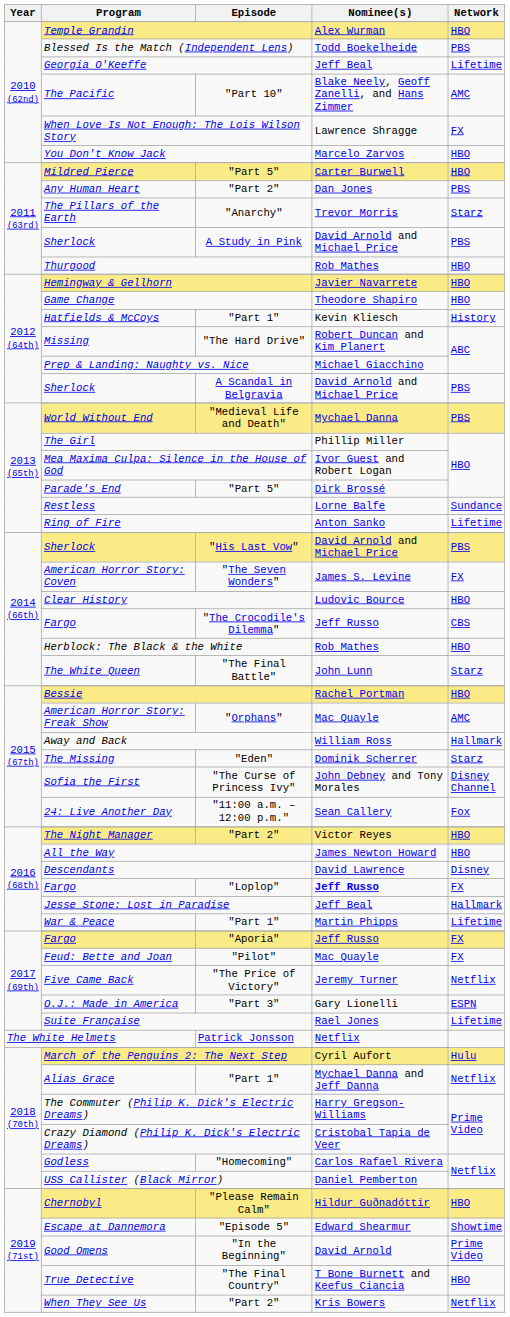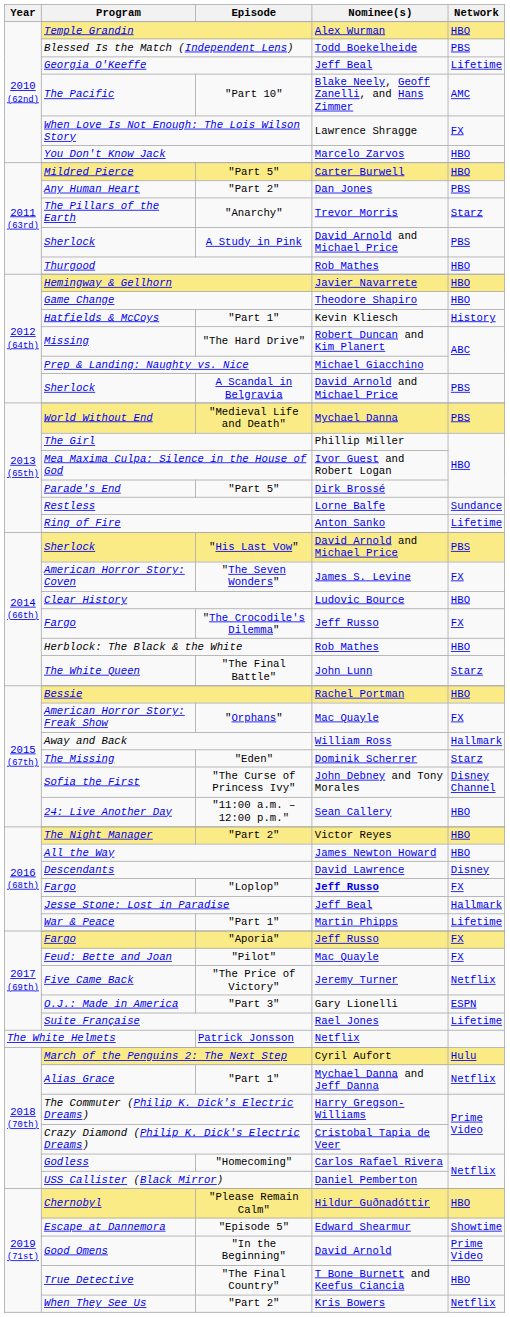 <table class="wikitable">
 <tr>
 <th width="5%">Year</th>
 <th width="35%">Program</th>
 <th width="25%">Episode</th>
 <th width="30%">Nominee(s)</th>
 <th width="5%">Network</th>
 </tr>
 <tr>
 <td rowspan="7" style="text-align:center;"><a href='#'>2010</a><br><small><a href='#'>(62nd)</a></small><br></td>
 </tr>
 <tr style="background:#FAEB86">
 <td colspan=2><em><a href='#'>Temple Grandin</a></em></td>
 <td><a href='#'>Alex Wurman</a></td>
 <td><a href='#'>HBO</a></td>
 </tr>
 <tr>
 <td colspan=2><em>Blessed Is the Match (<a href='#'>Independent Lens</a>)</em></td>
 <td><a href='#'>Todd Boekelheide</a></td>
 <td><a href='#'>PBS</a></td>
 </tr>
 <tr>
 <td colspan=2><em><a href='#'>Georgia O'Keeffe</a></em></td>
 <td><a href='#'>Jeff Beal</a></td>
 <td><a href='#'>Lifetime</a></td>
 </tr>
 <tr>
 <td><em><a href='#'>The Pacific</a></em></td>
 <td align=center>"Part 10"</td>
 <td><a href='#'>Blake Neely</a>, <a href='#'>Geoff Zanelli</a>, and <a href='#'>Hans Zimmer</a></td>
 <td><a href='#'>AMC</a></td>
 </tr>
 <tr>
 <td colspan=2><em><a href='#'>When Love Is Not Enough: The Lois Wilson Story</a></em></td>
 <td>Lawrence Shragge</td>
 <td><a href='#'>FX</a></td>
 </tr>
 <tr>
 <td colspan=2><em><a href='#'>You Don't Know Jack</a></em></td>
 <td><a href='#'>Marcelo Zarvos</a></td>
 <td><a href='#'>HBO</a></td>
 </tr>
 <tr>
 <td rowspan="6" style="text-align:center;"><a href='#'>2011</a><br><small><a href='#'>(63rd)</a></small><br></td>
 </tr>
 <tr style="background:#FAEB86">
 <td><em><a href='#'>Mildred Pierce</a></em></td>
 <td align=center>"Part 5"</td>
 <td><a href='#'>Carter Burwell</a></td>
 <td><a href='#'>HBO</a></td>
 </tr>
 <tr>
 <td><em><a href='#'>Any Human Heart</a></em></td>
 <td align=center>"Part 2"</td>
 <td><a href='#'>Dan Jones</a></td>
 <td><a href='#'>PBS</a></td>
 </tr>
 <tr>
 <td><em><a href='#'>The Pillars of the Earth</a></em></td>
 <td align=center>"Anarchy"</td>
 <td><a href='#'>Trevor Morris</a></td>
 <td><a href='#'>Starz</a></td>
 </tr>
 <tr>
 <td><em><a href='#'>Sherlock</a></em></td>
 <td align=center><a href='#'>A Study in Pink</a></td>
 <td><a href='#'>David Arnold</a> and <a href='#'>Michael Price</a></td>
 <td><a href='#'>PBS</a></td>
 </tr>
 <tr>
 <td colspan=2><em><a href='#'>Thurgood</a></em></td>
 <td><a href='#'>Rob Mathes</a></td>
 <td><a href='#'>HBO</a></td>
 </tr>
 <tr>
 <td rowspan="7" style="text-align:center;"><a href='#'>2012</a><br><small><a href='#'>(64th)</a></small><br></td>
 </tr>
 <tr style="background:#FAEB86">
 <td colspan=2><em><a href='#'>Hemingway & Gellhorn</a></em></td>
 <td><a href='#'>Javier Navarrete</a></td>
 <td><a href='#'>HBO</a></td>
 </tr>
 <tr>
 <td colspan=2><em><a href='#'>Game Change</a></em></td>
 <td><a href='#'>Theodore Shapiro</a></td>
 <td><a href='#'>HBO</a></td>
 </tr>
 <tr>
 <td><em><a href='#'>Hatfields & McCoys</a></em></td>
 <td align=center>"Part 1"</td>
 <td>Kevin Kliesch</td>
 <td><a href='#'>History</a></td>
 </tr>
 <tr>
 <td><em><a href='#'>Missing</a></em></td>
 <td align=center>"The Hard Drive"</td>
 <td><a href='#'>Robert Duncan</a> and <a href='#'>Kim Planert</a></td>
 <td rowspan=2><a href='#'>ABC</a></td>
 </tr>
 <tr>
 <td colspan=2><em><a href='#'>Prep & Landing: Naughty vs. Nice</a></em></td>
 <td><a href='#'>Michael Giacchino</a></td>
 </tr>
 <tr>
 <td><em><a href='#'>Sherlock</a></em></td>
 <td align=center><a href='#'>A Scandal in Belgravia</a></td>
 <td><a href='#'>David Arnold</a> and <a href='#'>Michael Price</a></td>
 <td><a href='#'>PBS</a></td>
 </tr>
 <tr>
 <td rowspan="7" style="text-align:center;"><a href='#'>2013</a><br><small><a href='#'>(65th)</a></small><br></td>
 </tr>
 <tr style="background:#FAEB86">
 <td><em><a href='#'>World Without End</a></em></td>
 <td align=center>"Medieval Life and Death"</td>
 <td><a href='#'>Mychael Danna</a></td>
 <td><a href='#'>PBS</a></td>
 </tr>
 <tr>
 <td colspan=2><em><a href='#'>The Girl</a></em></td>
 <td>Phillip Miller</td>
 <td rowspan=3><a href='#'>HBO</a></td>
 </tr>
 <tr>
 <td colspan=2><em><a href='#'>Mea Maxima Culpa: Silence in the House of God</a></em></td>
 <td><a href='#'>Ivor Guest</a> and Robert Logan</td>
 </tr>
 <tr>
 <td><em><a href='#'>Parade's End</a></em></td>
 <td align=center>"Part 5"</td>
 <td><a href='#'>Dirk Brossé</a></td>
 </tr>
 <tr>
 <td colspan=2><em><a href='#'>Restless</a></em></td>
 <td><a href='#'>Lorne Balfe</a></td>
 <td><a href='#'>Sundance</a></td>
 </tr>
 <tr>
 <td colspan=2><em><a href='#'>Ring of Fire</a></em></td>
 <td><a href='#'>Anton Sanko</a></td>
 <td><a href='#'>Lifetime</a></td>
 </tr>
 <tr>
 <td rowspan="7" style="text-align:center;"><a href='#'>2014</a><br><small><a href='#'>(66th)</a></small><br></td>
 </tr>
 <tr style="background:#FAEB86">
 <td><em><a href='#'>Sherlock</a></em></td>
 <td align=center>"<a href='#'>His Last Vow</a>"</td>
 <td><a href='#'>David Arnold</a> and <a href='#'>Michael Price</a></td>
 <td><a href='#'>PBS</a></td>
 </tr>
 <tr>
 <td><em><a href='#'>American Horror Story: Coven</a></em></td>
 <td align=center>"<a href='#'>The Seven Wonders</a>"</td>
 <td><a href='#'>James S. Levine</a></td>
 <td><a href='#'>FX</a></td>
 </tr>
 <tr>
 <td colspan=2><em><a href='#'>Clear History</a></em></td>
 <td><a href='#'>Ludovic Bource</a></td>
 <td><a href='#'>HBO</a></td>
 </tr>
 <tr>
 <td><em><a href='#'>Fargo</a></em></td>
 <td align=center>"<a href='#'>The Crocodile's Dilemma</a>"</td>
 <td><a href='#'>Jeff Russo</a></td>
-<td><a href='#'>CBS</a></td>
+<td><a href='#'>FX</a></td>
 </tr>
 <tr>
 <td colspan=2><em>Herblock: The Black & the White</em></td>
 <td><a href='#'>Rob Mathes</a></td>
 <td><a href='#'>HBO</a></td>
 </tr>
 <tr>
 <td><em><a href='#'>The White Queen</a></em></td>
 <td align=center>"The Final Battle"</td>
 <td><a href='#'>John Lunn</a></td>
 <td><a href='#'>Starz</a></td>
 </tr>
 <tr>
 <td rowspan="7" style="text-align:center;"><a href='#'>2015</a><br><small><a href='#'>(67th)</a></small><br></td>
 </tr>
 <tr style="background:#FAEB86">
 <td colspan=2><em><a href='#'>Bessie</a></em></td>
 <td><a href='#'>Rachel Portman</a></td>
 <td><a href='#'>HBO</a></td>
 </tr>
 <tr>
 <td><em><a href='#'>American Horror Story: Freak Show</a></em></td>
 <td align=center>"<a href='#'>Orphans</a>"</td>
 <td><a href='#'>Mac Quayle</a></td>
-<td><a href='#'>AMC</a></td>
+<td><a href='#'>FX</a></td>
 </tr>
 <tr>
 <td colspan=2><em>Away and Back</em></td>
 <td><a href='#'>William Ross</a></td>
 <td><a href='#'>Hallmark</a></td>
 </tr>
 <tr>
 <td><em><a href='#'>The Missing</a></em></td>
 <td align=center>"Eden"</td>
 <td><a href='#'>Dominik Scherrer</a></td>
 <td><a href='#'>Starz</a></td>
 </tr>
 <tr>
 <td><em><a href='#'>Sofia the First</a></em></td>
 <td align=center>"The Curse of Princess Ivy"</td>
 <td><a href='#'>John Debney</a> and Tony Morales</td>
 <td><a href='#'>Disney Channel</a></td>
 </tr>
 <tr>
 <td><em><a href='#'>24: Live Another Day</a></em></td>
 <td align=center>"11:00 a.m. – 12:00 p.m."</td>
 <td><a href='#'>Sean Callery</a></td>
-<td><a href='#'>Fox</a></td>
+<td><a href='#'>HBO</a></td>
 </tr>
 <tr>
 <td rowspan="7" style="text-align:center;"><a href='#'>2016</a><br><small><a href='#'>(68th)</a></small><br></td>
 </tr>
 <tr style="background:#FAEB86">
 <td><em><a href='#'>The Night Manager</a></em></td>
 <td align=center>"Part 2"</td>
 <td>Victor Reyes</td>
 <td><a href='#'>HBO</a></td>
 </tr>
 <tr>
 <td colspan=2><em><a href='#'>All the Way</a></em></td>
 <td><a href='#'>James Newton Howard</a></td>
 <td><a href='#'>HBO</a></td>
 </tr>
 <tr>
 <td colspan=2><em><a href='#'>Descendants</a></em></td>
 <td><a href='#'>David Lawrence</a></td>
 <td><a href='#'>Disney</a></td>
 </tr>
 <tr>
 <td><em><a href='#'>Fargo</a></em></td>
 <td align=center>"Loplop"</td>
 <td><strong><a href='#'>Jeff Russo</a></strong></td>
 <td><a href='#'>FX</a></td>
 </tr>
 <tr>
 <td colspan=2><em><a href='#'>Jesse Stone: Lost in Paradise</a></em></td>
 <td><a href='#'>Jeff Beal</a></td>
 <td><a href='#'>Hallmark</a></td>
 </tr>
 <tr>
 <td><em><a href='#'>War & Peace</a></em></td>
 <td align=center>"Part 1"</td>
 <td><a href='#'>Martin Phipps</a></td>
 <td><a href='#'>Lifetime</a></td>
 </tr>
 <tr>
 <td rowspan="7" style="text-align:center;"><a href='#'>2017</a><br><small><a href='#'>(69th)</a></small><br></td>
 </tr>
 <tr>
 </tr>
 <tr style="background:#FAEB86">
 <td><em><a href='#'>Fargo</a></em></td>
 <td align=center>"Aporia"</td>
 <td><a href='#'>Jeff Russo</a></td>
 <td><a href='#'>FX</a></td>
 </tr>
 <tr>
 <td><em><a href='#'>Feud: Bette and Joan</a></em></td>
 <td align=center>"Pilot"</td>
 <td><a href='#'>Mac Quayle</a></td>
 <td><a href='#'>FX</a></td>
 </tr>
 <tr>
 <td><em><a href='#'>Five Came Back</a></em></td>
 <td align=center>"The Price of Victory"</td>
 <td><a href='#'>Jeremy Turner</a></td>
 <td><a href='#'>Netflix</a></td>
 </tr>
 <tr>
 <td><em><a href='#'>O.J.: Made in America</a></em></td>
 <td align=center>"Part 3"</td>
 <td>Gary Lionelli</td>
 <td><a href='#'>ESPN</a></td>
 </tr>
 <tr>
 <td colspan=2><em><a href='#'>Suite Française</a></em></td>
 <td><a href='#'>Rael Jones</a></td>
 <td><a href='#'>Lifetime</a></td>
 </tr>
 <tr>
 <td colspan=2><em><a href='#'>The White Helmets</a></em></td>
 <td><a href='#'>Patrick Jonsson</a></td>
 <td><a href='#'>Netflix</a></td>
 </tr>
 <tr>
 <td rowspan="7" style="text-align:center;"><a href='#'>2018</a><br><small><a href='#'>(70th)</a></small><br></td>
 </tr>
 <tr style="background:#FAEB86">
 <td colspan=2><em><a href='#'>March of the Penguins 2: The Next Step</a></em></td>
 <td>Cyril Aufort</td>
 <td><a href='#'>Hulu</a></td>
 </tr>
 <tr>
 <td><em><a href='#'>Alias Grace</a></em></td>
 <td align=center>"Part 1"</td>
 <td><a href='#'>Mychael Danna</a> and <a href='#'>Jeff Danna</a></td>
 <td><a href='#'>Netflix</a></td>
 </tr>
 <tr>
 <td colspan=2><em>The Commuter (<a href='#'>Philip K. Dick's Electric Dreams</a>)</em></td>
 <td><a href='#'>Harry Gregson-Williams</a></td>
 <td rowspan="2"><a href='#'>Prime Video</a></td>
 </tr>
 <tr>
 <td colspan=2><em>Crazy Diamond (<a href='#'>Philip K. Dick's Electric Dreams</a>)</em></td>
 <td><a href='#'>Cristobal Tapia de Veer</a></td>
 </tr>
 <tr>
 <td><em><a href='#'>Godless</a></em></td>
 <td align=center>"Homecoming"</td>
 <td><a href='#'>Carlos Rafael Rivera</a></td>
 <td rowspan=2><a href='#'>Netflix</a></td>
 </tr>
 <tr>
 <td colspan=2><em><a href='#'>USS Callister</a> (<a href='#'>Black Mirror</a>)</em></td>
 <td><a href='#'>Daniel Pemberton</a></td>
 </tr>
 <tr>
 <td rowspan=6 style="text-align:center"><a href='#'>2019</a><br><small><a href='#'>(71st)</a></small><br></td>
 </tr>
 <tr style="background:#FAEB86">
 <td><em><a href='#'>Chernobyl</a></em></td>
 <td align=center>"Please Remain Calm"</td>
 <td><a href='#'>Hildur Guðnadóttir</a></td>
 <td><a href='#'>HBO</a></td>
 </tr>
 <tr>
 <td><em><a href='#'>Escape at Dannemora</a></em></td>
 <td align=center>"Episode 5"</td>
 <td><a href='#'>Edward Shearmur</a></td>
 <td><a href='#'>Showtime</a></td>
 </tr>
 <tr>
 <td><em><a href='#'>Good Omens</a></em></td>
 <td align=center>"In the Beginning"</td>
 <td><a href='#'>David Arnold</a></td>
 <td><a href='#'>Prime Video</a></td>
 </tr>
 <tr>
 <td><em><a href='#'>True Detective</a></em></td>
 <td align=center>"The Final Country"</td>
 <td><a href='#'>T Bone Burnett</a> and <a href='#'>Keefus Ciancia</a></td>
 <td><a href='#'>HBO</a></td>
 </tr>
 <tr>
 <td><em><a href='#'>When They See Us</a></em></td>
 <td align=center>"Part 2"</td>
 <td><a href='#'>Kris Bowers</a></td>
 <td><a href='#'>Netflix</a></td>
 </tr>
 </table>
